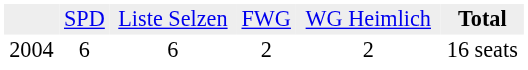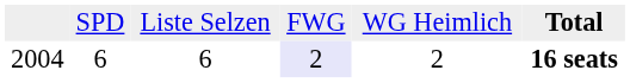 <table border="0" cellpadding="2" cellspacing="0" width="60%">
 <tr bgcolor="#eeeeee" align="center">
 <td></td>
 <td><a href='#'>SPD</a></td>
 <td><a href='#'>Liste Selzen</a></td>
 <td><a href='#'>FWG</a></td>
 <td><a href='#'>WG Heimlich</a></td>
 <td><strong>Total</strong></td>
 </tr>
 <tr align="center">
 <td>2004</td>
 <td>6</td>
 <td>6</td>
+<td style="background: lavender;">2</td>
 <td>2</td>
-<td>2</td>
-<td>16 seats</td>
+<td><strong>16 seats</strong></td>
 </tr>
 </table>
